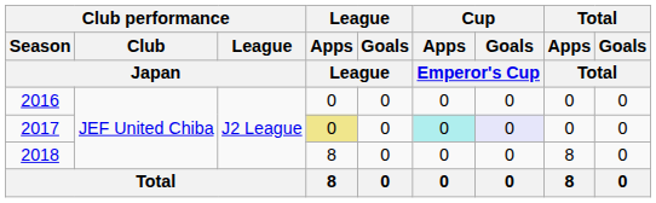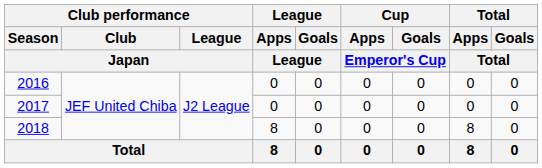 <table class="wikitable" style="text-align:center;">
 <tr>
 <th colspan=3>Club performance</th>
 <th colspan=2>League</th>
 <th colspan=2>Cup</th>
 <th colspan=2>Total</th>
 </tr>
 <tr>
 <th>Season</th>
 <th>Club</th>
 <th>League</th>
 <th>Apps</th>
 <th>Goals</th>
 <th>Apps</th>
 <th>Goals</th>
 <th>Apps</th>
 <th>Goals</th>
 </tr>
 <tr>
 <th colspan=3>Japan</th>
 <th colspan=2>League</th>
 <th colspan=2><a href='#'>Emperor's Cup</a></th>
 <th colspan=2>Total</th>
 </tr>
 <tr>
 <td><a href='#'>2016</a></td>
 <td rowspan="3"><a href='#'>JEF United Chiba</a></td>
 <td rowspan="3"><a href='#'>J2 League</a></td>
 <td>0</td>
 <td>0</td>
 <td>0</td>
 <td>0</td>
 <td>0</td>
 <td>0</td>
 </tr>
 <tr>
 <td><a href='#'>2017</a></td>
-<td style="background: khaki;">0</td>
 <td>0</td>
-<td style="background: paleturquoise;">0</td>
-<td style="background: lavender;">0</td>
+<td>0</td>
+<td>0</td>
+<td>0</td>
 <td>0</td>
 <td>0</td>
 </tr>
 <tr>
 <td><a href='#'>2018</a></td>
 <td>8</td>
 <td>0</td>
 <td>0</td>
 <td>0</td>
 <td>8</td>
 <td>0</td>
 </tr>
 <tr>
 <th colspan=3>Total</th>
 <th>8</th>
 <th>0</th>
 <th>0</th>
 <th>0</th>
 <th>8</th>
 <th>0</th>
 </tr>
 </table>
